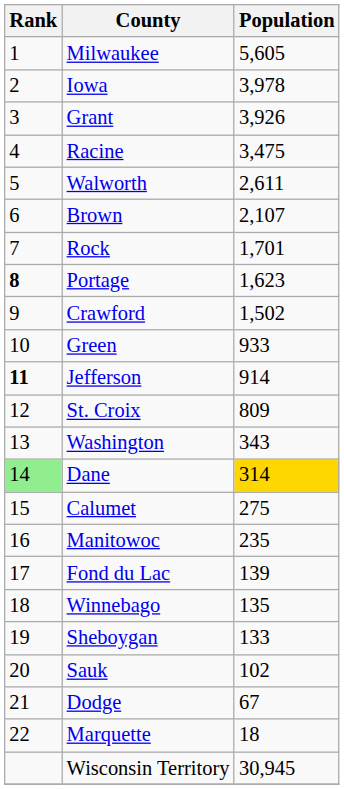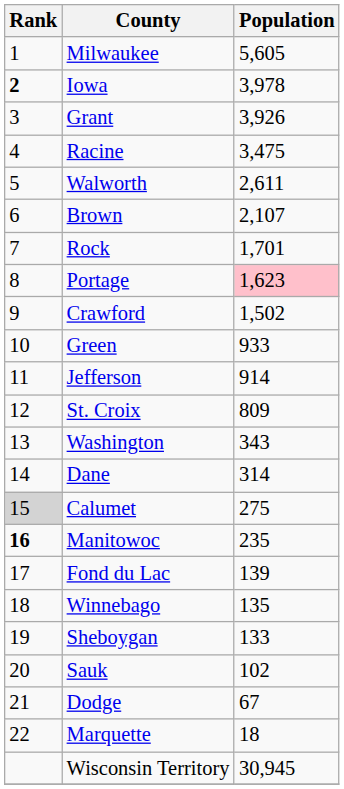 <table class=wikitable>
 <tr>
 <th>Rank</th>
 <th>County</th>
 <th>Population</th>
 </tr>
 <tr>
 <td>1</td>
 <td><a href='#'>Milwaukee</a></td>
 <td>5,605</td>
 </tr>
 <tr>
-<td>2</td>
+<td><strong>2</strong></td>
 <td><a href='#'>Iowa</a></td>
 <td>3,978</td>
 </tr>
 <tr>
 <td>3</td>
 <td><a href='#'>Grant</a></td>
 <td>3,926</td>
 </tr>
 <tr>
 <td>4</td>
 <td><a href='#'>Racine</a></td>
 <td>3,475</td>
 </tr>
 <tr>
 <td>5</td>
 <td><a href='#'>Walworth</a></td>
 <td>2,611</td>
 </tr>
 <tr>
 <td>6</td>
 <td><a href='#'>Brown</a></td>
 <td>2,107</td>
 </tr>
 <tr>
 <td>7</td>
 <td><a href='#'>Rock</a></td>
 <td>1,701</td>
 </tr>
 <tr>
-<td><strong>8</strong></td>
+<td>8</td>
 <td><a href='#'>Portage</a></td>
-<td>1,623</td>
+<td style="background: pink;">1,623</td>
 </tr>
 <tr>
 <td>9</td>
 <td><a href='#'>Crawford</a></td>
 <td>1,502</td>
 </tr>
 <tr>
 <td>10</td>
 <td><a href='#'>Green</a></td>
 <td>933</td>
 </tr>
 <tr>
-<td><strong>11</strong></td>
+<td>11</td>
 <td><a href='#'>Jefferson</a></td>
 <td>914</td>
 </tr>
 <tr>
 <td>12</td>
 <td><a href='#'>St. Croix</a></td>
 <td>809</td>
 </tr>
 <tr>
 <td>13</td>
 <td><a href='#'>Washington</a></td>
 <td>343</td>
 </tr>
 <tr>
-<td style="background: lightgreen;">14</td>
+<td>14</td>
 <td><a href='#'>Dane</a></td>
-<td style="background: gold;">314</td>
+<td>314</td>
 </tr>
 <tr>
-<td>15</td>
+<td style="background: lightgrey;">15</td>
 <td><a href='#'>Calumet</a></td>
 <td>275</td>
 </tr>
 <tr>
-<td>16</td>
+<td><strong>16</strong></td>
 <td><a href='#'>Manitowoc</a></td>
 <td>235</td>
 </tr>
 <tr>
 <td>17</td>
 <td><a href='#'>Fond du Lac</a></td>
 <td>139</td>
 </tr>
 <tr>
 <td>18</td>
 <td><a href='#'>Winnebago</a></td>
 <td>135</td>
 </tr>
 <tr>
 <td>19</td>
 <td><a href='#'>Sheboygan</a></td>
 <td>133</td>
 </tr>
 <tr>
 <td>20</td>
 <td><a href='#'>Sauk</a></td>
 <td>102</td>
 </tr>
 <tr>
 <td>21</td>
 <td><a href='#'>Dodge</a></td>
 <td>67</td>
 </tr>
 <tr>
 <td>22</td>
 <td><a href='#'>Marquette</a></td>
 <td>18</td>
 </tr>
 <tr>
 <td></td>
 <td>Wisconsin Territory</td>
 <td>30,945</td>
 </tr>
 <tr>
 </tr>
 </table>
